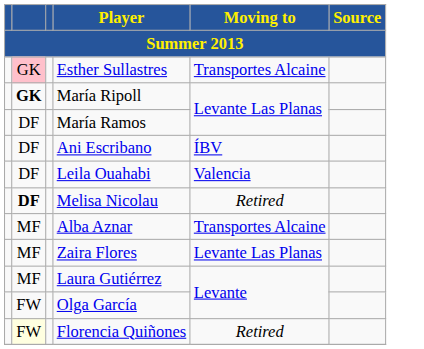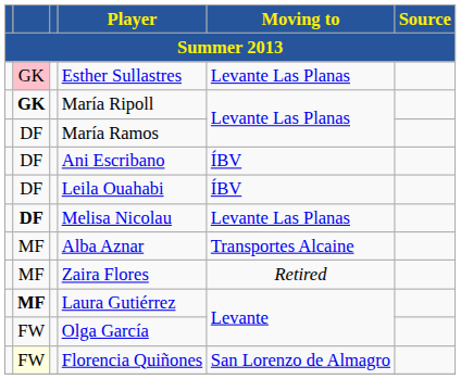 <table class="wikitable plainrowheaders sortable" style="text-align:center">
 <tr>
 <th style="background:#26559B; color:#FFF000; "></th>
 <th style="background:#26559B; color:#FFF000; "></th>
 <th style="background:#26559B; color:#FFF000; "></th>
 <th style="background:#26559B; color:#FFF000; ">Player</th>
 <th style="background:#26559B; color:#FFF000; ">Moving to</th>
 <th style="background:#26559B; color:#FFF000; ">Source</th>
 </tr>
 <tr>
 <th colspan=8 style="background:#26559B; color:#FFF000; ">Summer 2013</th>
 </tr>
 <tr>
 <td></td>
 <td style="background: pink;">GK</td>
 <td></td>
 <td align=left><a href='#'>Esther Sullastres</a></td>
-<td align="left"><a href='#'>Transportes Alcaine</a></td>
+<td align=left><a href='#'>Levante Las Planas</a></td>
 <td></td>
 </tr>
 <tr>
 <td></td>
 <td><strong>GK</strong></td>
 <td></td>
 <td align=left>María Ripoll</td>
 <td rowspan="2" align=left><a href='#'>Levante Las Planas</a></td>
 <td></td>
 </tr>
 <tr>
 <td></td>
 <td>DF</td>
 <td></td>
 <td align=left>María Ramos</td>
 <td></td>
 </tr>
 <tr>
 <td></td>
 <td>DF</td>
 <td></td>
 <td align=left><a href='#'>Ani Escribano</a></td>
 <td align=left> <a href='#'>ÍBV</a></td>
 <td></td>
 </tr>
 <tr>
 <td></td>
 <td>DF</td>
 <td></td>
 <td align="left"><a href='#'>Leila Ouahabi</a></td>
-<td align="left"><a href='#'>Valencia</a></td>
+<td align=left> <a href='#'>ÍBV</a></td>
 <td></td>
 </tr>
 <tr>
 <td></td>
 <td><strong>DF</strong></td>
 <td></td>
 <td align=left><a href='#'>Melisa Nicolau</a></td>
-<td><em>Retired</em></td>
+<td align=left><a href='#'>Levante Las Planas</a></td>
 <td></td>
 </tr>
 <tr>
 <td></td>
 <td>MF</td>
 <td></td>
 <td align=left><a href='#'>Alba Aznar</a></td>
 <td align=left><a href='#'>Transportes Alcaine</a></td>
 <td></td>
 </tr>
 <tr>
 <td></td>
 <td>MF</td>
 <td></td>
 <td align=left><a href='#'>Zaira Flores</a></td>
-<td align=left><a href='#'>Levante Las Planas</a></td>
+<td><em>Retired</em></td>
 <td></td>
 </tr>
 <tr>
 <td></td>
-<td>MF</td>
+<td><strong>MF</strong></td>
 <td></td>
 <td align="left"><a href='#'>Laura Gutiérrez</a></td>
 <td rowspan="2" align="left"><a href='#'>Levante</a></td>
 <td></td>
 </tr>
 <tr>
 <td></td>
 <td>FW</td>
 <td></td>
 <td align=left><a href='#'>Olga García</a></td>
 <td></td>
 </tr>
 <tr>
 <td></td>
 <td style="background: lightyellow;">FW</td>
 <td></td>
 <td align="left"><a href='#'>Florencia Quiñones</a></td>
-<td><em>Retired</em></td>
+<td align="left"> <a href='#'>San Lorenzo de Almagro</a></td>
 <td></td>
 </tr>
 <tr>
 </tr>
 </table>
